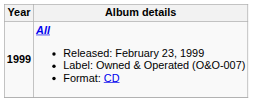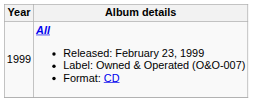 <table class ="wikitable">
 <tr>
 <th>Year</th>
 <th>Album details</th>
 </tr>
 <tr>
-<td><strong>1999</strong></td>
+<td>1999</td>
 <td><strong><em><a href='#'>All</a></em></strong><br><ul><li>Released: February 23, 1999</li><li>Label: Owned & Operated (O&O-007)</li><li>Format: <a href='#'>CD</a></li></ul></td>
 </tr>
 <tr>
 </tr>
 </table>
